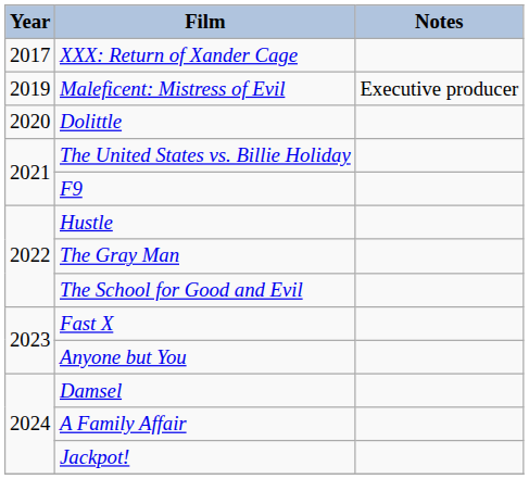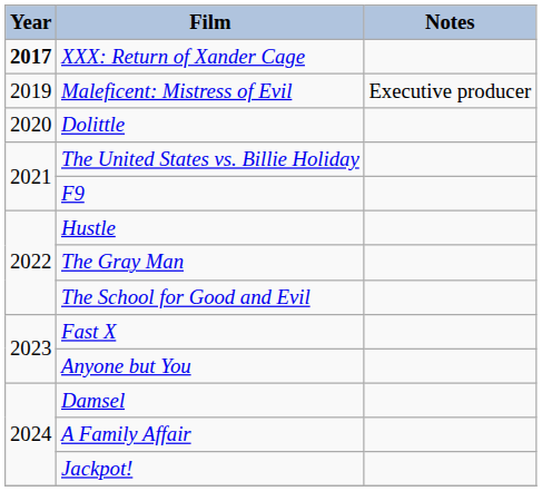 <table class="wikitable" style="font-size:95%;">
 <tr>
 <th style="background:#B0C4DE;">Year</th>
 <th style="background:#B0C4DE;">Film</th>
 <th style="background:#B0C4DE;">Notes</th>
 </tr>
 <tr>
-<td>2017</td>
+<td><strong>2017</strong></td>
 <td><em><a href='#'>XXX: Return of Xander Cage</a></em></td>
 <td></td>
 </tr>
 <tr>
 <td>2019</td>
 <td><em><a href='#'>Maleficent: Mistress of Evil</a></em></td>
 <td>Executive producer</td>
 </tr>
 <tr>
 <td>2020</td>
 <td><em><a href='#'>Dolittle</a></em></td>
 <td></td>
 </tr>
 <tr>
 <td rowspan=2 style="text-align:center;">2021</td>
 <td><em><a href='#'>The United States vs. Billie Holiday</a></em></td>
 <td></td>
 </tr>
 <tr>
 <td><em><a href='#'>F9</a></em></td>
 <td></td>
 </tr>
 <tr>
 <td rowspan="3" style="text-align:center;">2022</td>
 <td><em><a href='#'>Hustle</a></em></td>
 <td></td>
 </tr>
 <tr>
 <td><em><a href='#'>The Gray Man</a></em></td>
 <td></td>
 </tr>
 <tr>
 <td><em><a href='#'>The School for Good and Evil</a></em></td>
 <td></td>
 </tr>
 <tr>
 <td rowspan="2" style="text-align:center;">2023</td>
 <td><em><a href='#'>Fast X</a></em></td>
 <td></td>
 </tr>
 <tr>
 <td><em><a href='#'>Anyone but You</a></em></td>
 <td></td>
 </tr>
 <tr>
 <td rowspan="3" style="text-align:center;">2024</td>
 <td><em><a href='#'>Damsel</a></em></td>
 <td></td>
 </tr>
 <tr>
 <td><em><a href='#'>A Family Affair</a></em></td>
 <td></td>
 </tr>
 <tr>
 <td><em><a href='#'>Jackpot!</a></em></td>
 <td></td>
 </tr>
 <tr>
 </tr>
 </table>
